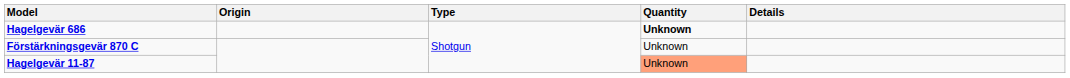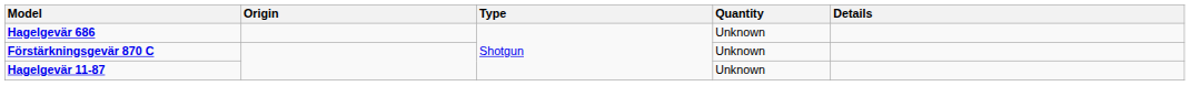 <table class="wikitable" style="width:100%;">
 <tr>
 <th style="text-align:left;width:20%;">Model</th>
 <th style="text-align:left;width:20%;">Origin</th>
 <th style="text-align:left;width:20%;">Type</th>
 <th style="text-align:left;width:10%;">Quantity</th>
 <th style="text-align:left;width:30%;">Details</th>
 </tr>
 <tr>
 <td><strong><a href='#'>Hagel­gevär 686</a></strong></td>
 <td></td>
 <td rowspan="3"><a href='#'>Shotgun</a></td>
-<td><strong>Unknown</strong></td>
+<td>Unknown</td>
 <td></td>
 </tr>
 <tr>
 <td><strong><a href='#'>Förstärknings­gevär 870 C</a></strong></td>
 <td rowspan="2"></td>
 <td>Unknown</td>
 <td></td>
 </tr>
 <tr>
 <td><a href='#'><strong>Hagel­gevär 11-87</strong></a></td>
-<td style="background: lightsalmon;">Unknown</td>
+<td>Unknown</td>
 <td></td>
 </tr>
 </table>
